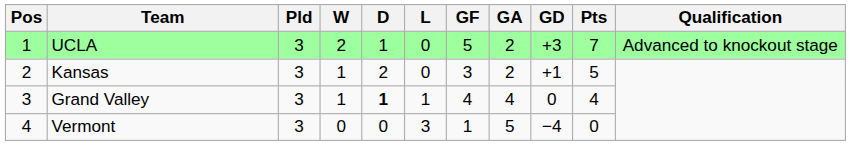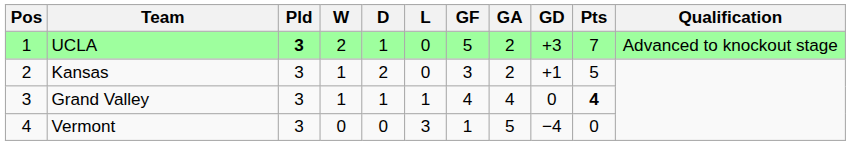 <table class="wikitable" style="text-align:center; margin: 1em auto">
 <tr>
 <th style=width:2em>Pos</th>
 <th style=width:13em>Team</th>
 <th style=width:2em>Pld</th>
 <th style=width:2em>W</th>
 <th style=width:2em>D</th>
 <th style=width:2em>L</th>
 <th style=width:2em>GF</th>
 <th style=width:2em>GA</th>
 <th style=width:2em>GD</th>
 <th style=width:2em>Pts</th>
 <th style=width:13em>Qualification</th>
 </tr>
 <tr bgcolor="#9eff9e">
 <td>1</td>
 <td style="text-align:left">UCLA</td>
-<td>3</td>
+<td><strong>3</strong></td>
 <td>2</td>
 <td>1</td>
 <td>0</td>
 <td>5</td>
 <td>2</td>
 <td>+3</td>
 <td>7</td>
 <td>Advanced to knockout stage</td>
 </tr>
 <tr>
 <td>2</td>
 <td style="text-align:left">Kansas</td>
 <td>3</td>
 <td>1</td>
 <td>2</td>
 <td>0</td>
 <td>3</td>
 <td>2</td>
 <td>+1</td>
 <td>5</td>
 </tr>
 <tr>
 <td>3</td>
 <td style="text-align:left">Grand Valley</td>
 <td>3</td>
 <td>1</td>
-<td><strong>1</strong></td>
+<td>1</td>
 <td>1</td>
 <td>4</td>
 <td>4</td>
 <td>0</td>
-<td>4</td>
+<td><strong>4</strong></td>
 </tr>
 <tr>
 <td>4</td>
 <td style="text-align:left">Vermont</td>
 <td>3</td>
 <td>0</td>
 <td>0</td>
 <td>3</td>
 <td>1</td>
 <td>5</td>
 <td>−4</td>
 <td>0</td>
 </tr>
 </table>
